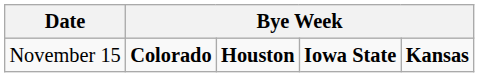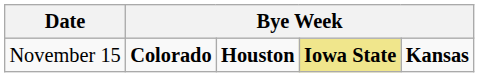 <table class="wikitable" style="font-size:95%;">
 <tr>
 <th>Date</th>
 <th colspan="4">Bye Week</th>
 </tr>
 <tr>
 <td>November 15</td>
 <td><strong>Colorado</strong></td>
 <td><strong>Houston</strong></td>
-<td><strong>Iowa State</strong></td>
+<td style="background: khaki;"><strong>Iowa State</strong></td>
 <td><strong>Kansas</strong></td>
 </tr>
 </table>
